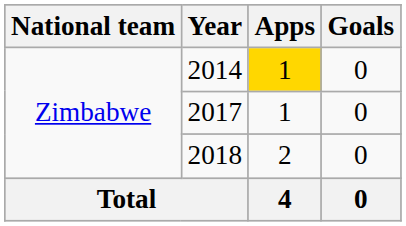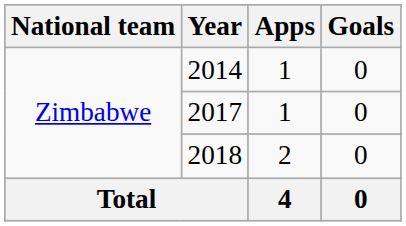 <table class="wikitable" style="text-align:center">
 <tr>
 <th>National team</th>
 <th>Year</th>
 <th>Apps</th>
 <th>Goals</th>
 </tr>
 <tr>
 <td rowspan="3"><a href='#'>Zimbabwe</a></td>
 <td>2014</td>
-<td style="background: gold;">1</td>
+<td>1</td>
 <td>0</td>
 </tr>
 <tr>
 <td>2017</td>
 <td>1</td>
 <td>0</td>
 </tr>
 <tr>
 <td>2018</td>
 <td>2</td>
 <td>0</td>
 </tr>
 <tr>
 <th colspan=2>Total</th>
 <th>4</th>
 <th>0</th>
 </tr>
 </table>
